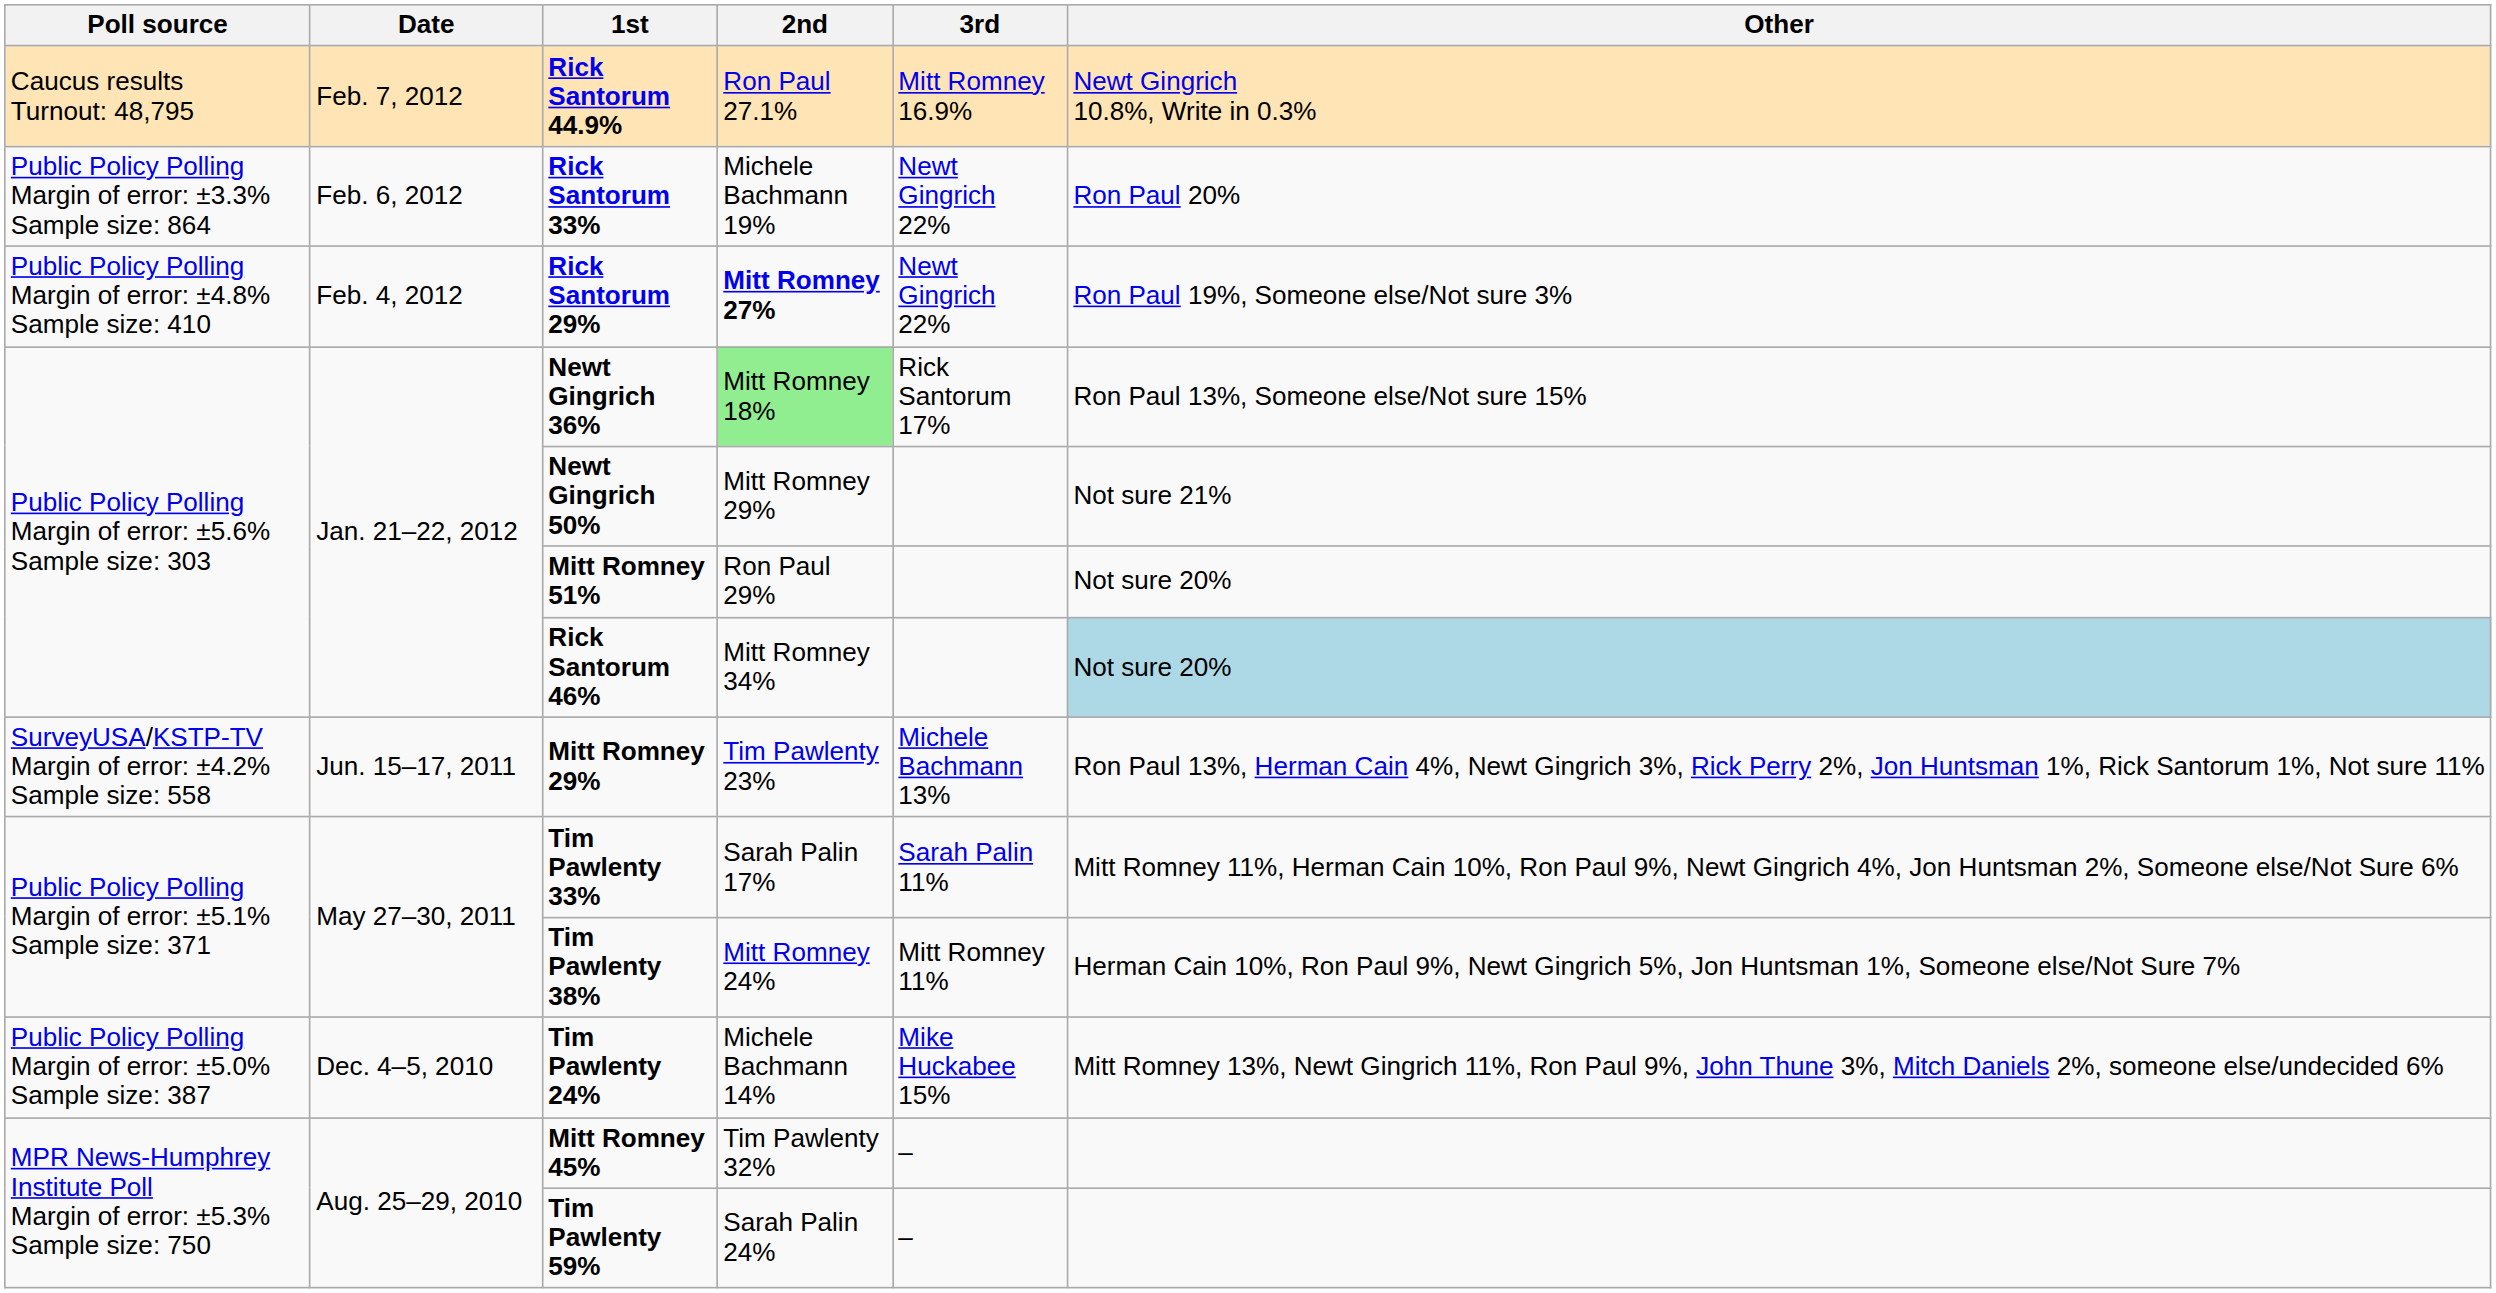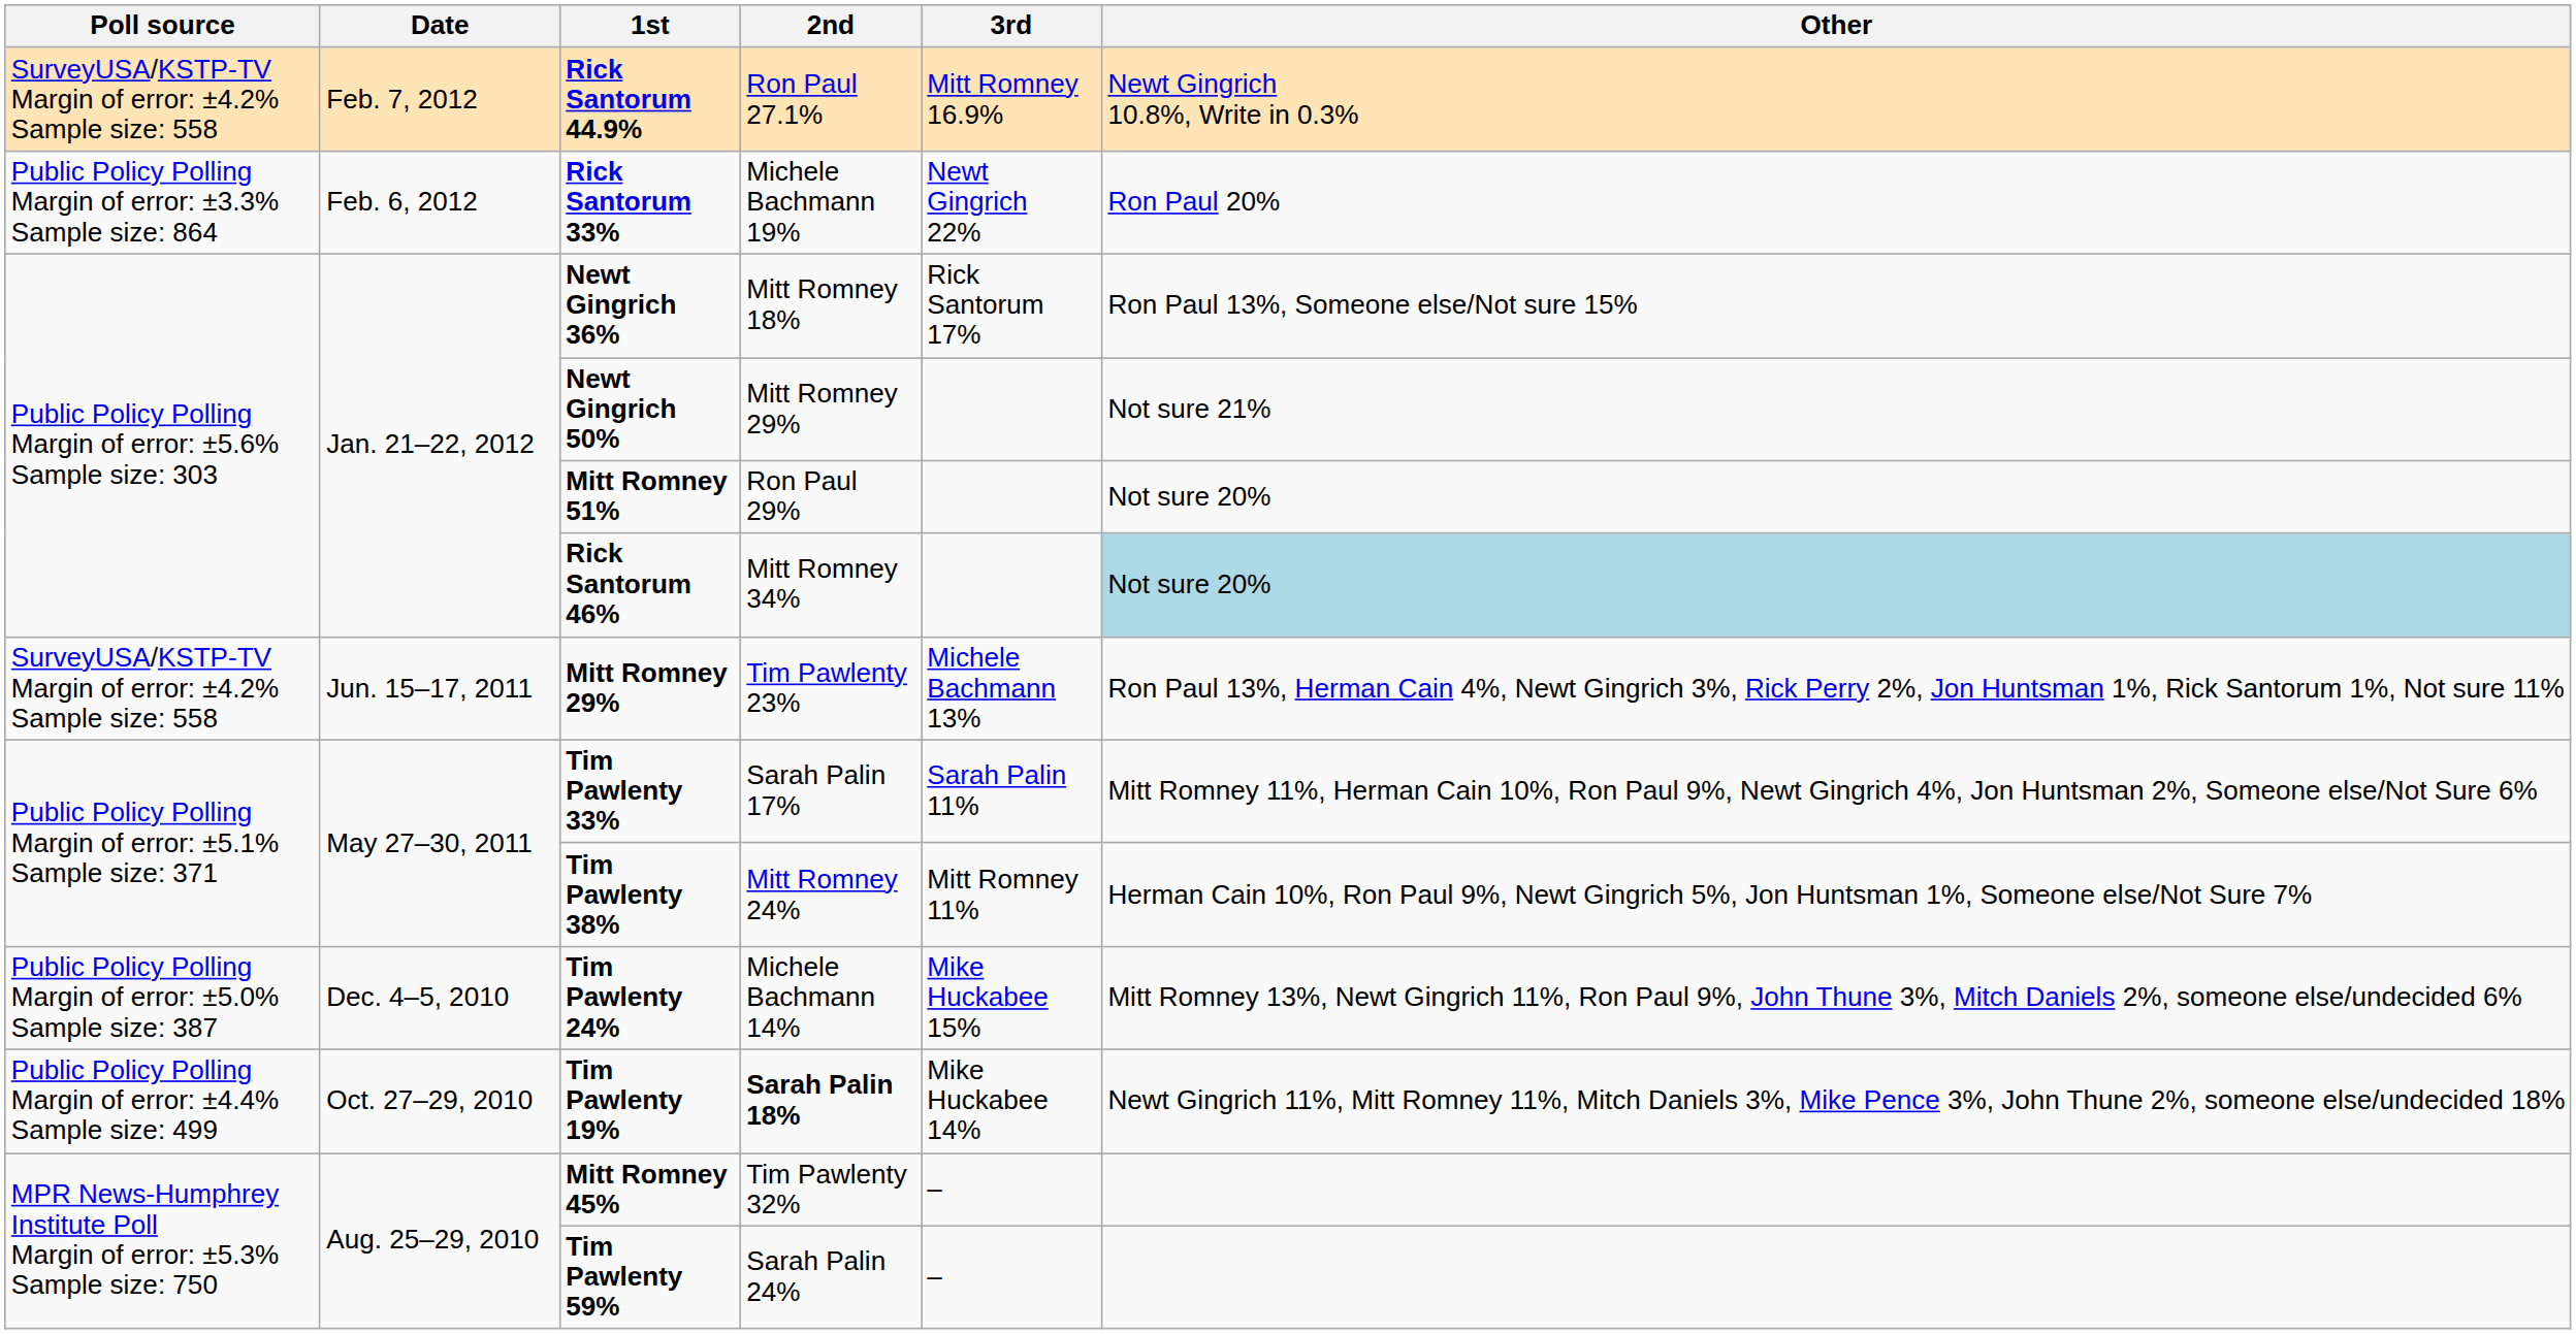 <table class="wikitable">
 <tr>
 <th style="width:180px;">Poll source</th>
 <th style="width:135px;">Date</th>
 <th style="width:100px;">1st</th>
 <th style="width:100px;">2nd</th>
 <th style="width:100px;">3rd</th>
 <th>Other</th>
 </tr>
 <tr style="background:Moccasin;">
-<td>Caucus results<br>Turnout: 48,795</td>
+<td><a href='#'>SurveyUSA</a>/<a href='#'>KSTP-TV</a><br>Margin of error: ±4.2% <br>Sample size: 558</td>
 <td>Feb. 7, 2012</td>
 <td><strong><a href='#'>Rick Santorum</a> 44.9% </strong></td>
 <td><a href='#'>Ron Paul</a><br>27.1%</td>
 <td><a href='#'>Mitt Romney</a><br>16.9%</td>
 <td><a href='#'>Newt Gingrich</a><br>10.8%, Write in 0.3%</td>
 </tr>
 <tr>
 <td><a href='#'>Public Policy Polling</a><br>Margin of error: ±3.3%<br>Sample size: 864</td>
 <td>Feb. 6, 2012</td>
 <td><strong><a href='#'>Rick Santorum</a><br>33%</strong></td>
 <td>Michele Bachmann<br>19%</td>
 <td><a href='#'>Newt Gingrich</a><br>22%</td>
 <td><a href='#'>Ron Paul</a> 20%</td>
 </tr>
 <tr>
-<td><a href='#'>Public Policy Polling</a><br>Margin of error: ±4.8%<br>Sample size: 410</td>
-<td>Feb. 4, 2012</td>
-<td><strong><a href='#'>Rick Santorum</a><br>29%</strong></td>
-<td><strong><a href='#'>Mitt Romney</a><br>27%</strong></td>
-<td><a href='#'>Newt Gingrich</a><br>22%</td>
-<td><a href='#'>Ron Paul</a> 19%, Someone else/Not sure 3%</td>
-</tr>
-<tr>
 <td rowspan=4><a href='#'>Public Policy Polling</a><br>Margin of error: ±5.6% <br>Sample size: 303</td>
 <td rowspan=4>Jan. 21–22, 2012</td>
 <td><strong>Newt Gingrich<br>36%</strong></td>
-<td style="background: lightgreen;">Mitt Romney<br>18%</td>
+<td>Mitt Romney<br>18%</td>
 <td>Rick Santorum<br>17%</td>
 <td>Ron Paul 13%, Someone else/Not sure 15%</td>
 </tr>
 <tr>
 <td><strong>Newt Gingrich<br>50%</strong></td>
 <td>Mitt Romney<br>29%</td>
 <td></td>
 <td>Not sure 21%</td>
 </tr>
 <tr>
 <td><strong>Mitt Romney<br>51%</strong></td>
 <td>Ron Paul<br>29%</td>
 <td></td>
 <td>Not sure 20%</td>
 </tr>
 <tr>
 <td><strong>Rick Santorum<br>46%</strong></td>
 <td>Mitt Romney<br>34%</td>
 <td></td>
 <td style="background: lightblue;">Not sure 20%</td>
 </tr>
 <tr>
 <td><a href='#'>SurveyUSA</a>/<a href='#'>KSTP-TV</a><br>Margin of error: ±4.2% <br>Sample size: 558</td>
 <td>Jun. 15–17, 2011</td>
 <td><strong>Mitt Romney<br>29%</strong></td>
 <td><a href='#'>Tim Pawlenty</a><br>23%</td>
 <td><a href='#'>Michele Bachmann</a><br>13%</td>
 <td>Ron Paul 13%, <a href='#'>Herman Cain</a> 4%, Newt Gingrich 3%, <a href='#'>Rick Perry</a> 2%, <a href='#'>Jon Huntsman</a> 1%, Rick Santorum 1%, Not sure 11%</td>
 </tr>
 <tr>
 <td rowspan=2><a href='#'>Public Policy Polling</a><br>Margin of error: ±5.1% <br>Sample size: 371</td>
 <td rowspan=2>May 27–30, 2011</td>
 <td><strong>Tim Pawlenty<br>33%</strong></td>
 <td>Sarah Palin<br>17%</td>
 <td><a href='#'>Sarah Palin</a><br>11%</td>
 <td>Mitt Romney 11%, Herman Cain 10%, Ron Paul 9%, Newt Gingrich 4%, Jon Huntsman 2%, Someone else/Not Sure 6%</td>
 </tr>
 <tr>
 <td><strong>Tim Pawlenty<br>38%</strong></td>
 <td><a href='#'>Mitt Romney</a><br>24%</td>
 <td>Mitt Romney<br>11%</td>
 <td>Herman Cain 10%, Ron Paul 9%, Newt Gingrich 5%, Jon Huntsman 1%, Someone else/Not Sure 7%</td>
 </tr>
 <tr>
 <td><a href='#'>Public Policy Polling</a><br>Margin of error: ±5.0% <br>Sample size: 387</td>
 <td>Dec. 4–5, 2010</td>
 <td><strong>Tim Pawlenty<br>24%</strong></td>
 <td>Michele Bachmann<br>14%</td>
 <td><a href='#'>Mike Huckabee</a><br>15%</td>
 <td>Mitt Romney 13%, Newt Gingrich 11%, Ron Paul 9%, <a href='#'>John Thune</a> 3%, <a href='#'>Mitch Daniels</a> 2%, someone else/undecided 6%</td>
 </tr>
 <tr>
+<td><a href='#'>Public Policy Polling</a><br>Margin of error: ±4.4% <br>Sample size: 499</td>
+<td>Oct. 27–29, 2010</td>
+<td><strong>Tim Pawlenty<br>19%</strong></td>
+<td><strong>Sarah Palin<br>18%</strong></td>
+<td>Mike Huckabee<br>14%</td>
+<td>Newt Gingrich 11%, Mitt Romney 11%, Mitch Daniels 3%, <a href='#'>Mike Pence</a> 3%, John Thune 2%, someone else/undecided 18%</td>
+</tr>
+<tr>
 <td rowspan=2><a href='#'>MPR News-Humphrey Institute Poll</a><br>Margin of error: ±5.3% <br>Sample size: 750</td>
 <td rowspan=2>Aug. 25–29, 2010</td>
 <td><strong>Mitt Romney<br>45%</strong></td>
 <td>Tim Pawlenty<br>32%</td>
 <td>–</td>
 <td></td>
 </tr>
 <tr>
 <td><strong>Tim Pawlenty<br>59%</strong></td>
 <td>Sarah Palin<br>24%</td>
 <td>–</td>
 <td></td>
 </tr>
 </table>
